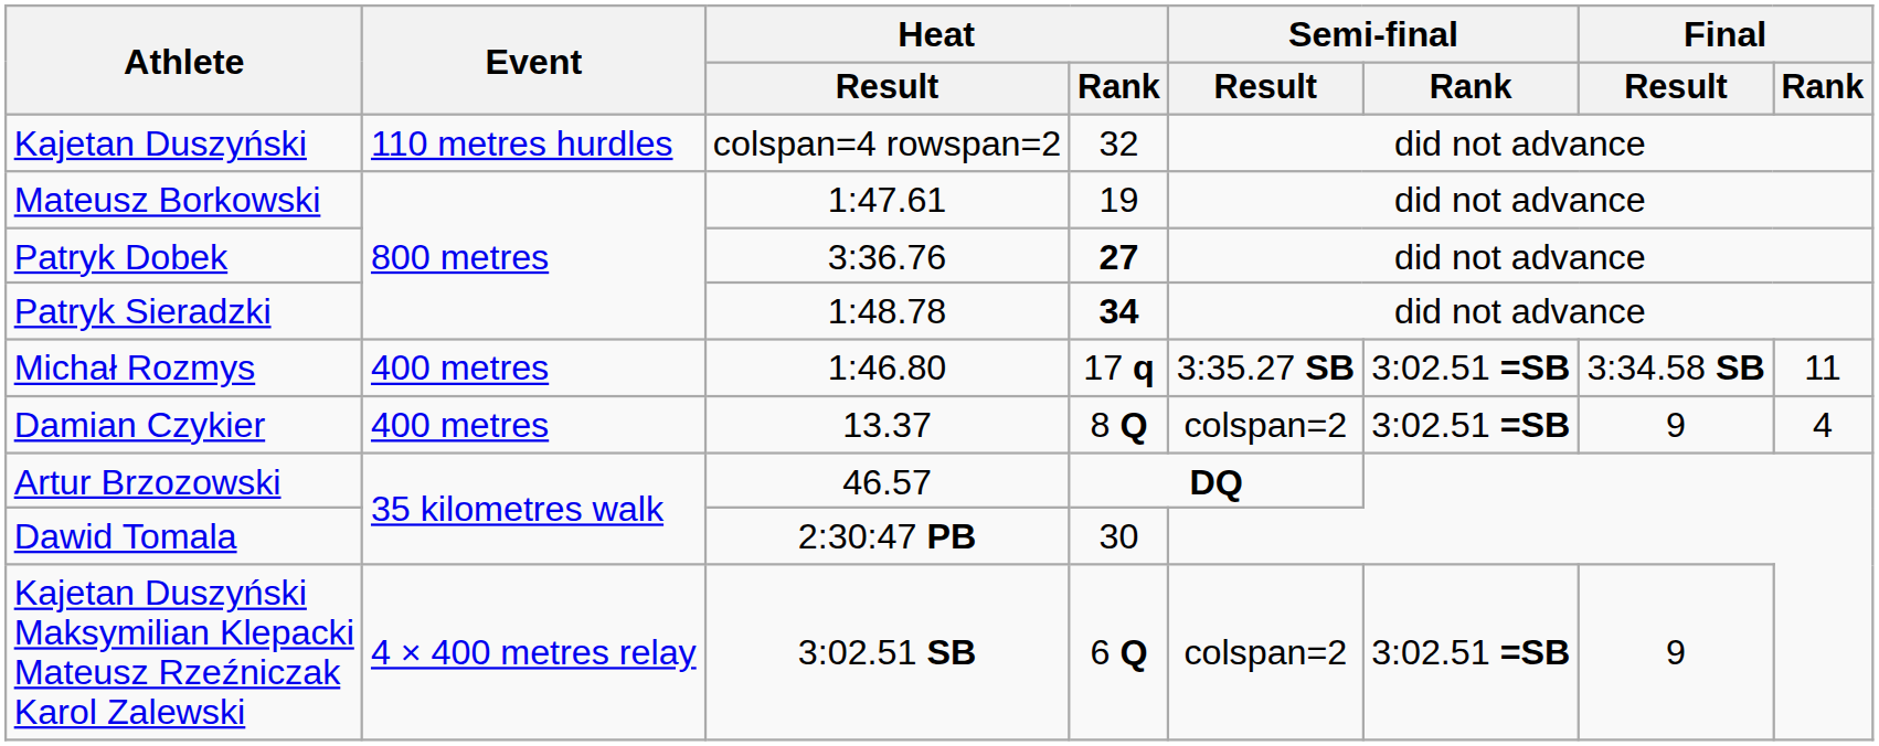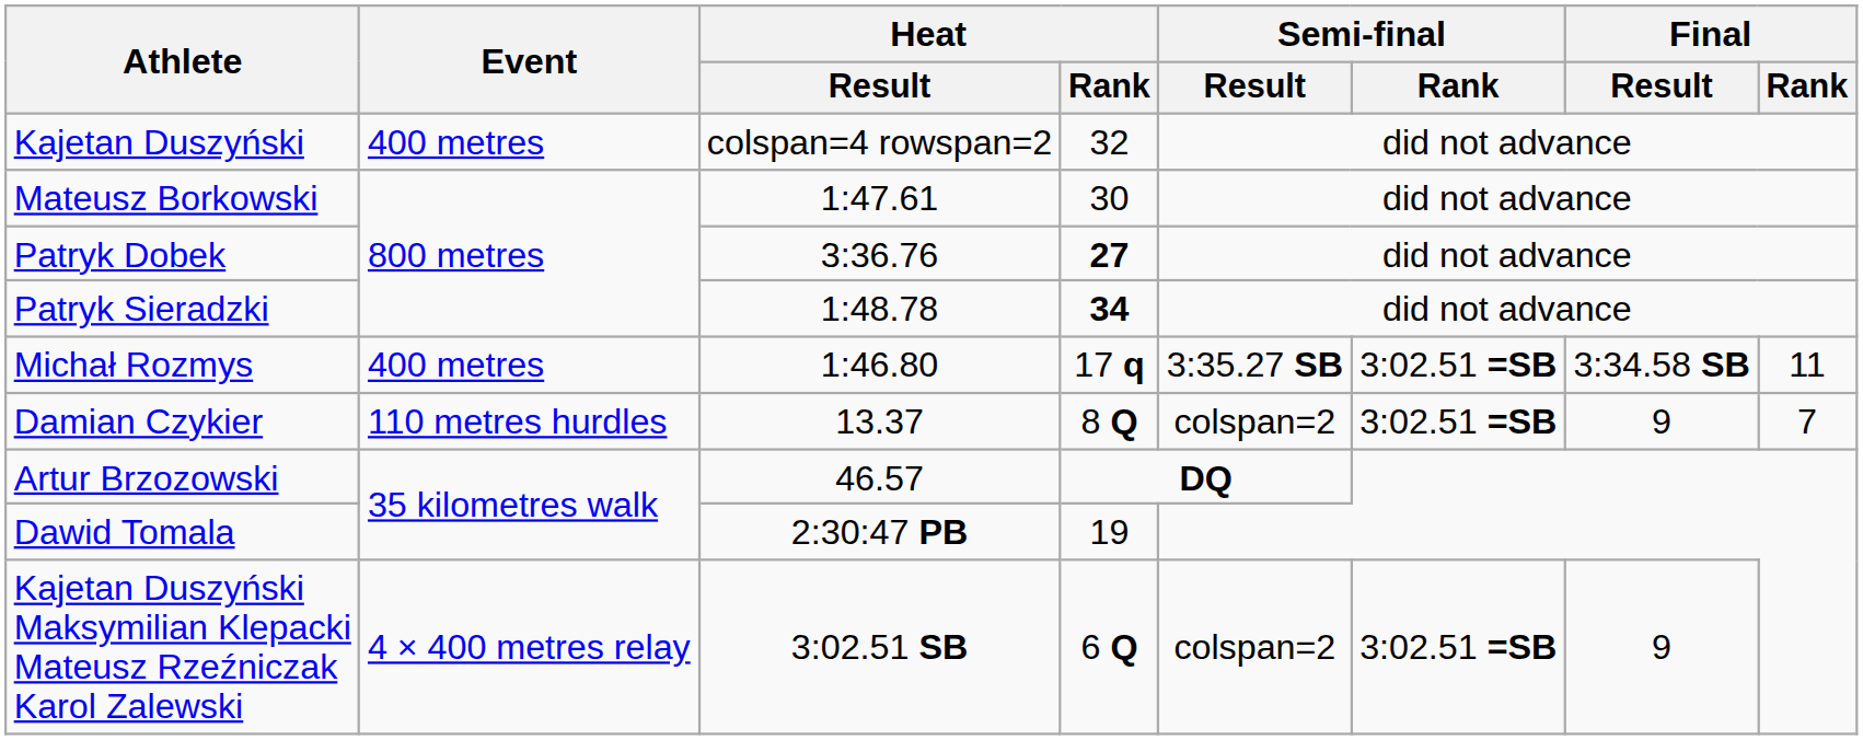 <table class="wikitable" style="text-align:center; font-size:90%">
 <tr>
 <th rowspan="2">Athlete</th>
 <th rowspan="2">Event</th>
 <th colspan="2">Heat</th>
 <th colspan="2">Semi-final</th>
 <th colspan="2">Final</th>
 </tr>
 <tr style="font-size:95%">
 <th>Result</th>
 <th>Rank</th>
 <th>Result</th>
 <th>Rank</th>
 <th>Result</th>
 <th>Rank</th>
 </tr>
 <tr>
 <td style="text-align:left"><a href='#'>Kajetan Duszyński</a></td>
-<td style="text-align:left"><a href='#'>110 metres hurdles</a></td>
+<td style="text-align:left"><a href='#'>400 metres</a></td>
 <td>colspan=4 rowspan=2 </td>
 <td>32</td>
 <td colspan=4>did not advance</td>
 </tr>
 <tr>
 <td style="text-align:left"><a href='#'>Mateusz Borkowski</a></td>
 <td rowspan=3 style="text-align:left"><a href='#'>800 metres</a></td>
 <td>1:47.61</td>
-<td>19</td>
+<td>30</td>
 <td colspan=4>did not advance</td>
 </tr>
 <tr>
 <td style="text-align:left"><a href='#'>Patryk Dobek</a></td>
 <td>3:36.76</td>
 <td><strong>27</strong></td>
 <td colspan=4>did not advance</td>
 </tr>
 <tr>
 <td style="text-align:left"><a href='#'>Patryk Sieradzki</a></td>
 <td>1:48.78</td>
 <td><strong>34</strong></td>
 <td colspan=4>did not advance</td>
 </tr>
 <tr>
 <td style="text-align:left"><a href='#'>Michał Rozmys</a></td>
 <td style="text-align:left"><a href='#'>400 metres</a></td>
 <td>1:46.80</td>
 <td>17 <strong>q</strong></td>
 <td>3:35.27 <strong>SB</strong></td>
 <td>3:02.51 <strong>=SB</strong></td>
 <td>3:34.58 <strong>SB</strong></td>
 <td>11</td>
 </tr>
 <tr>
 <td style="text-align:left"><a href='#'>Damian Czykier</a></td>
-<td style="text-align:left"><a href='#'>400 metres</a></td>
+<td style="text-align:left"><a href='#'>110 metres hurdles</a></td>
 <td>13.37</td>
 <td>8 <strong>Q</strong></td>
 <td>colspan=2 </td>
 <td>3:02.51 <strong>=SB</strong></td>
 <td>9</td>
-<td>4</td>
+<td>7</td>
 </tr>
 <tr>
 <td style="text-align:left"><a href='#'>Artur Brzozowski</a></td>
 <td rowspan=2 style="text-align:left"><a href='#'>35 kilometres walk</a></td>
 <td>46.57</td>
 <td colspan=2><strong>DQ</strong></td>
 </tr>
 <tr>
 <td style="text-align:left"><a href='#'>Dawid Tomala</a></td>
 <td>2:30:47 <strong>PB</strong></td>
-<td>30</td>
+<td>19</td>
 </tr>
 <tr>
 <td style="text-align:left"><a href='#'>Kajetan Duszyński</a><br><a href='#'>Maksymilian Klepacki</a><br><a href='#'>Mateusz Rzeźniczak</a><br><a href='#'>Karol Zalewski</a><br></td>
 <td style="text-align:left"><a href='#'>4 × 400 metres relay</a></td>
 <td>3:02.51 <strong>SB</strong></td>
 <td>6 <strong>Q</strong></td>
 <td>colspan=2 </td>
 <td>3:02.51 <strong>=SB</strong></td>
 <td>9</td>
 </tr>
 </table>
